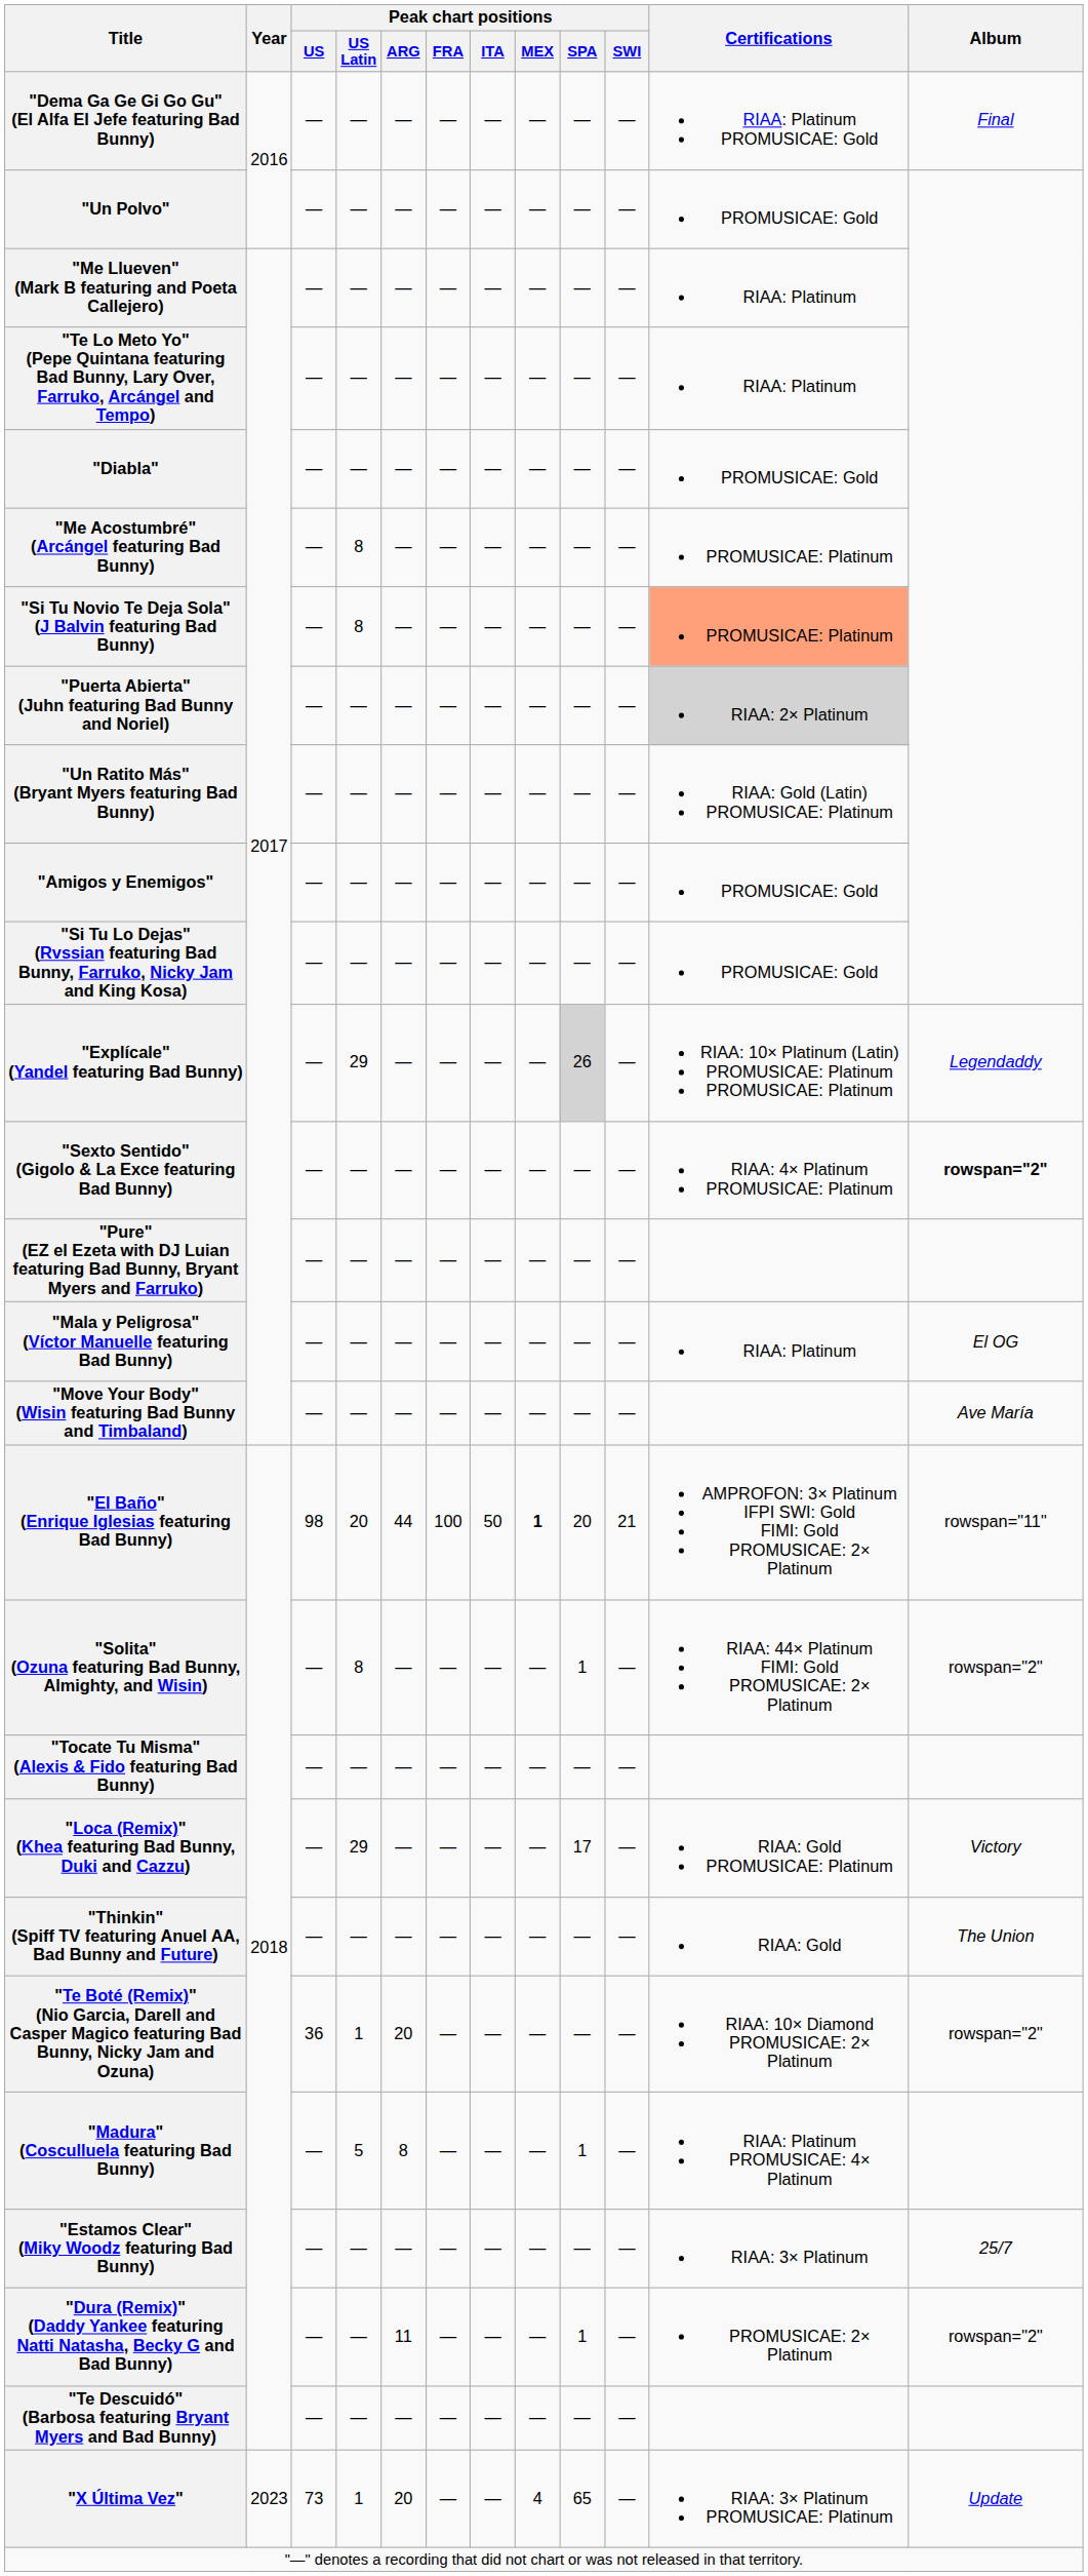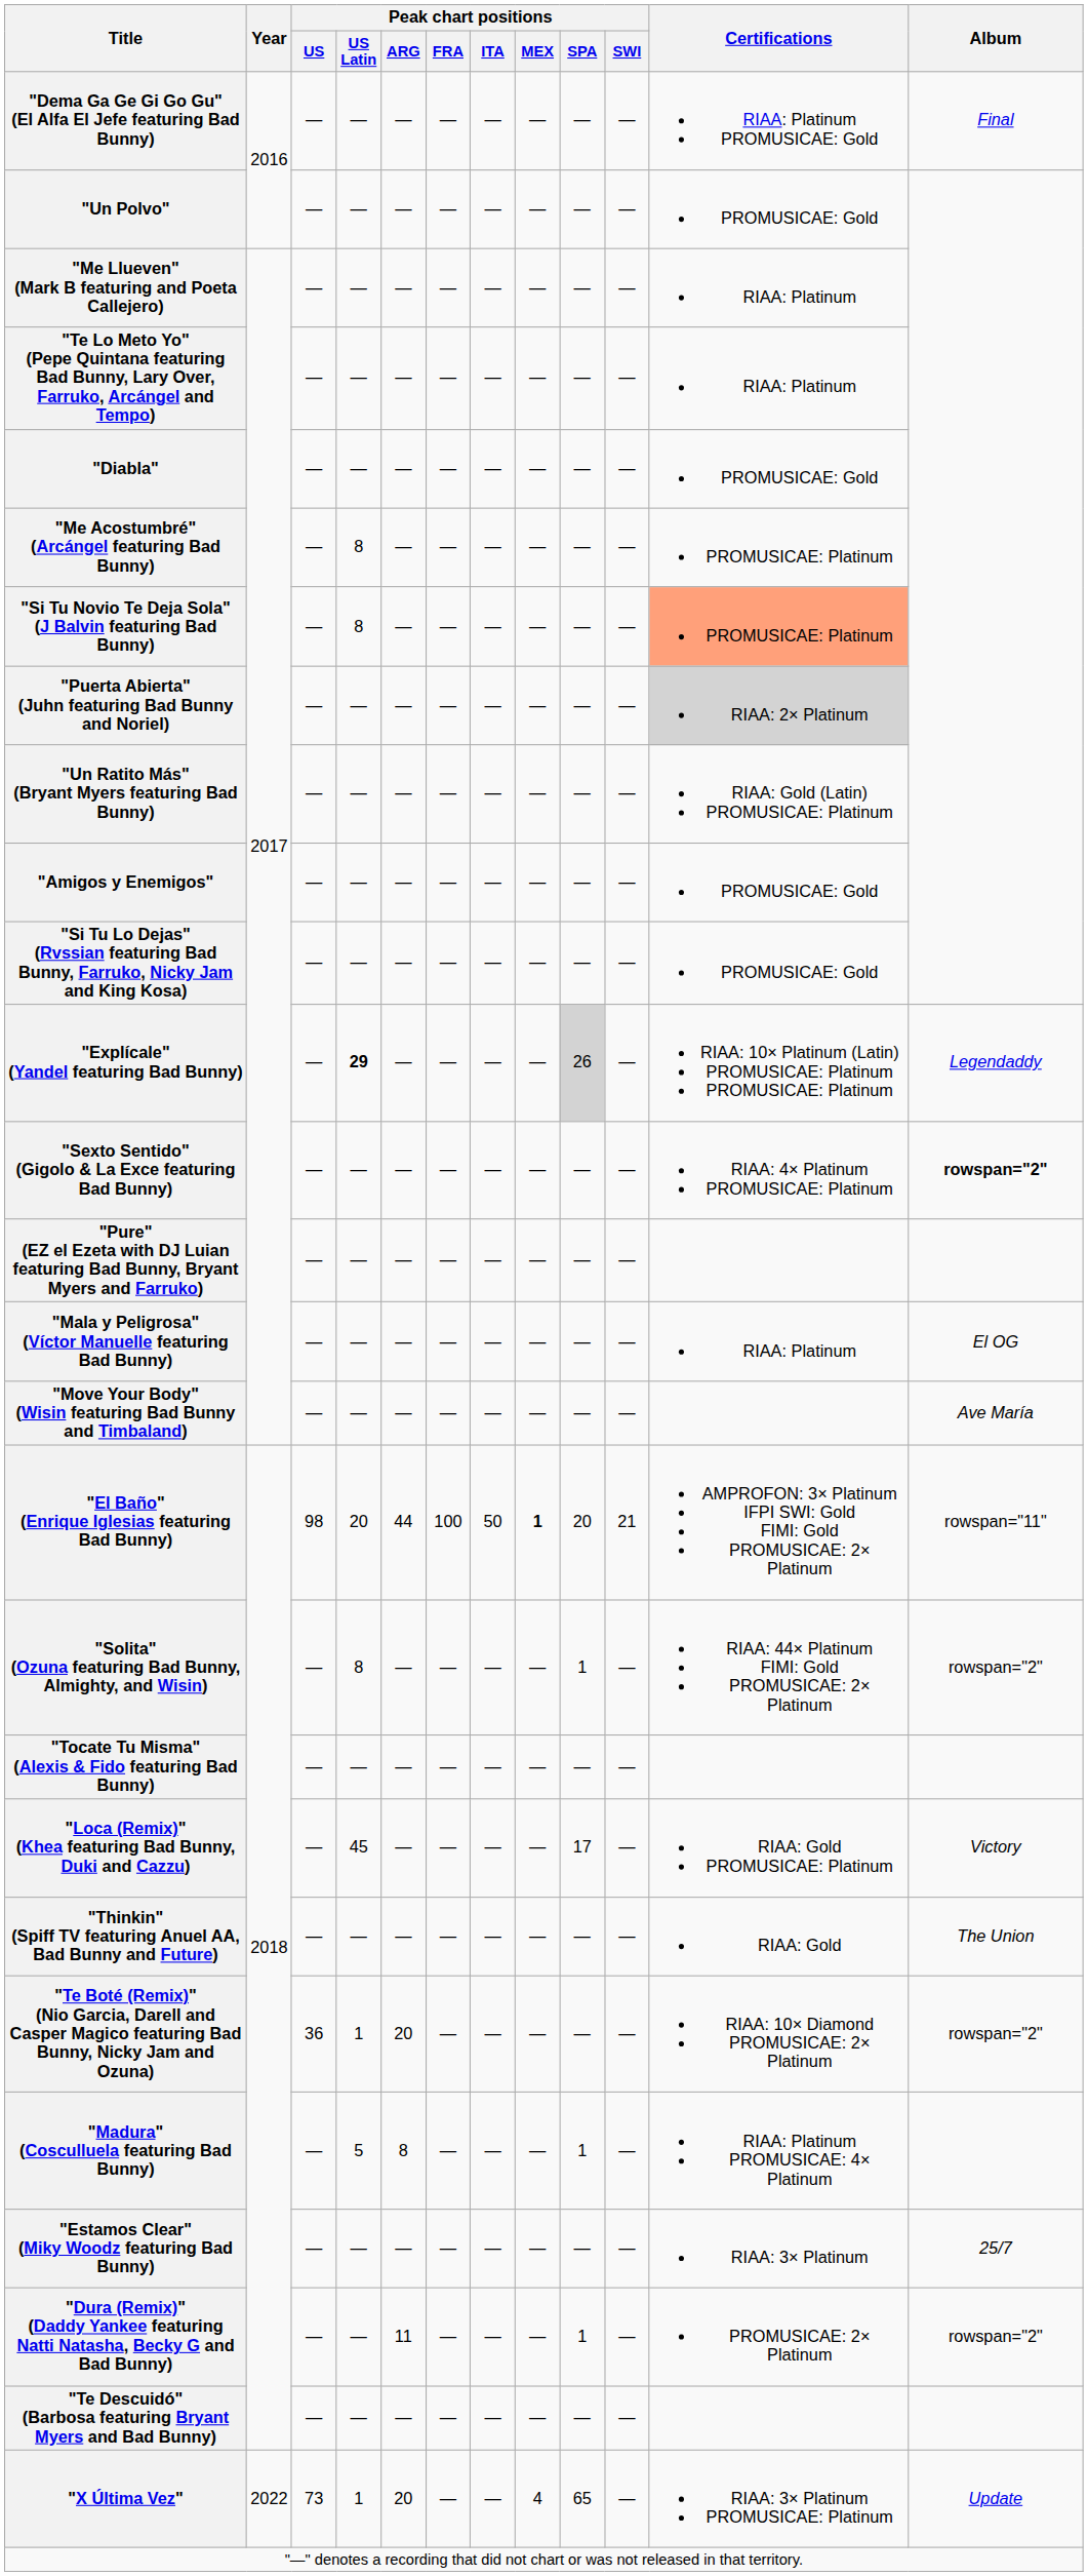 <table class="wikitable plainrowheaders" style="text-align:center;">
 <tr>
 <th scope="col" rowspan="2" style="width:14em;">Title</th>
 <th scope="col" rowspan="2" style="width:1em;">Year</th>
 <th scope="col" colspan="8">Peak chart positions</th>
 <th scope="col" rowspan="2" style="width:15em;"><a href='#'>Certifications</a></th>
 <th scope="col" rowspan="2" style="width:10em;">Album</th>
 </tr>
 <tr>
 <th scope="col" style="width:2.5em;font-size:90%;"><a href='#'>US</a><br></th>
 <th scope="col" style="width:2.5em;font-size:90%;"><a href='#'>US<br>Latin</a><br></th>
 <th scope="col" style="width:2.5em;font-size:90%;"><a href='#'>ARG</a><br></th>
 <th scope="col" style="width:2.5em;font-size:90%;"><a href='#'>FRA</a><br></th>
 <th scope="col" style="width:2.5em;font-size:90%;"><a href='#'>ITA</a><br></th>
 <th scope="col" style="width:2.5em;font-size:90%;"><a href='#'>MEX</a><br></th>
 <th scope="col" style="width:2.5em;font-size:90%;"><a href='#'>SPA</a><br></th>
 <th scope="col" style="width:2.5em;font-size:90%;"><a href='#'>SWI</a><br></th>
 </tr>
 <tr>
 <th scope="row">"Dema Ga Ge Gi Go Gu"<br><span>(El Alfa El Jefe featuring Bad Bunny)</span></th>
 <td rowspan="2">2016</td>
 <td>—</td>
 <td>—</td>
 <td>—</td>
 <td>—</td>
 <td>—</td>
 <td>—</td>
 <td>—</td>
 <td>—</td>
 <td><br><ul><li><a href='#'>RIAA</a>: Platinum </li><li>PROMUSICAE: Gold</li></ul></td>
 <td><em><a href='#'>Final</a></em></td>
 </tr>
 <tr>
 <th scope="row">"Un Polvo"<br></th>
 <td>—</td>
 <td>—</td>
 <td>—</td>
 <td>—</td>
 <td>—</td>
 <td>—</td>
 <td>—</td>
 <td>—</td>
 <td><br><ul><li>PROMUSICAE: Gold</li></ul></td>
 </tr>
 <tr>
 <th scope="row">"Me Llueven"<br><span>(Mark B featuring and Poeta Callejero)</span></th>
 <td rowspan="14">2017</td>
 <td>—</td>
 <td>—</td>
 <td>—</td>
 <td>—</td>
 <td>—</td>
 <td>—</td>
 <td>—</td>
 <td>—</td>
 <td><br><ul><li>RIAA: Platinum </li></ul></td>
 </tr>
 <tr>
 <th scope="row">"Te Lo Meto Yo"<br><span>(Pepe Quintana featuring Bad Bunny, Lary Over, <a href='#'>Farruko</a>, <a href='#'>Arcángel</a> and <a href='#'>Tempo</a>)</span></th>
 <td>—</td>
 <td>—</td>
 <td>—</td>
 <td>—</td>
 <td>—</td>
 <td>—</td>
 <td>—</td>
 <td>—</td>
 <td><br><ul><li>RIAA: Platinum </li></ul></td>
 </tr>
 <tr>
 <th scope="row">"Diabla"<br></th>
 <td>—</td>
 <td>—</td>
 <td>—</td>
 <td>—</td>
 <td>—</td>
 <td>—</td>
 <td>—</td>
 <td>—</td>
 <td><br><ul><li>PROMUSICAE: Gold</li></ul></td>
 </tr>
 <tr>
 <th scope="row">"Me Acostumbré"<br><span>(<a href='#'>Arcángel</a> featuring Bad Bunny)</span></th>
 <td>—</td>
 <td>8</td>
 <td>—</td>
 <td>—</td>
 <td>—</td>
 <td>—</td>
 <td>—</td>
 <td>—</td>
 <td><br><ul><li>PROMUSICAE: Platinum</li></ul></td>
 </tr>
 <tr>
 <th scope="row">"Si Tu Novio Te Deja Sola"<br><span>(<a href='#'>J Balvin</a> featuring Bad Bunny)</span></th>
 <td>—</td>
 <td>8</td>
 <td>—</td>
 <td>—</td>
 <td>—</td>
 <td>—</td>
 <td>—</td>
 <td>—</td>
 <td style="background: lightsalmon;"><br><ul><li>PROMUSICAE: Platinum</li></ul></td>
 </tr>
 <tr>
 <th scope="row">"Puerta Abierta"<br><span>(Juhn featuring Bad Bunny and Noriel)</span></th>
 <td>—</td>
 <td>—</td>
 <td>—</td>
 <td>—</td>
 <td>—</td>
 <td>—</td>
 <td>—</td>
 <td>—</td>
 <td style="background: lightgrey;"><br><ul><li>RIAA: 2× Platinum </li></ul></td>
 </tr>
 <tr>
 <th scope="row">"Un Ratito Más"<br><span>(Bryant Myers featuring Bad Bunny)</span></th>
 <td>—</td>
 <td>—</td>
 <td>—</td>
 <td>—</td>
 <td>—</td>
 <td>—</td>
 <td>—</td>
 <td>—</td>
 <td><br><ul><li>RIAA: Gold (Latin)</li><li>PROMUSICAE: Platinum</li></ul></td>
 </tr>
 <tr>
 <th scope="row">"Amigos y Enemigos"<br></th>
 <td>—</td>
 <td>—</td>
 <td>—</td>
 <td>—</td>
 <td>—</td>
 <td>—</td>
 <td>—</td>
 <td>—</td>
 <td><br><ul><li>PROMUSICAE: Gold</li></ul></td>
 </tr>
 <tr>
 <th scope="row">"Si Tu Lo Dejas"<br><span>(<a href='#'>Rvssian</a> featuring Bad Bunny, <a href='#'>Farruko</a>, <a href='#'>Nicky Jam</a> and King Kosa)</span></th>
 <td>—</td>
 <td>—</td>
 <td>—</td>
 <td>—</td>
 <td>—</td>
 <td>—</td>
 <td>—</td>
 <td>—</td>
 <td><br><ul><li>PROMUSICAE: Gold</li></ul></td>
 </tr>
 <tr>
 <th scope="row">"Explícale"<br><span>(<a href='#'>Yandel</a> featuring Bad Bunny)</span></th>
 <td>—</td>
-<td>29</td>
+<td><strong>29</strong></td>
 <td>—</td>
 <td>—</td>
 <td>—</td>
 <td>—</td>
 <td style="background: lightgrey;">26</td>
 <td>—</td>
 <td><br><ul><li>RIAA: 10× Platinum (Latin)</li><li>PROMUSICAE: Platinum</li><li>PROMUSICAE: Platinum </li></ul></td>
 <td><em><a href='#'>Legendaddy</a></em></td>
 </tr>
 <tr>
 <th scope="row">"Sexto Sentido"<br><span>(Gigolo & La Exce featuring Bad Bunny)</span></th>
 <td>—</td>
 <td>—</td>
 <td>—</td>
 <td>—</td>
 <td>—</td>
 <td>—</td>
 <td>—</td>
 <td>—</td>
 <td><br><ul><li>RIAA: 4× Platinum </li><li>PROMUSICAE: Platinum</li></ul></td>
 <td><strong>rowspan="2" </strong></td>
 </tr>
 <tr>
 <th scope="row">"Pure"<br><span>(EZ el Ezeta with DJ Luian featuring Bad Bunny, Bryant Myers and <a href='#'>Farruko</a>)</span></th>
 <td>—</td>
 <td>—</td>
 <td>—</td>
 <td>—</td>
 <td>—</td>
 <td>—</td>
 <td>—</td>
 <td>—</td>
 <td></td>
 </tr>
 <tr>
 <th scope="row">"Mala y Peligrosa"<br><span>(<a href='#'>Víctor Manuelle</a> featuring Bad Bunny)</span></th>
 <td>—</td>
 <td>—</td>
 <td>—</td>
 <td>—</td>
 <td>—</td>
 <td>—</td>
 <td>—</td>
 <td>—</td>
 <td><br><ul><li>RIAA: Platinum </li></ul></td>
 <td><em>El OG</em></td>
 </tr>
 <tr>
 <th scope="row">"Move Your Body"<br><span>(<a href='#'>Wisin</a> featuring Bad Bunny and <a href='#'>Timbaland</a>)</span></th>
 <td>—</td>
 <td>—</td>
 <td>—</td>
 <td>—</td>
 <td>—</td>
 <td>—</td>
 <td>—</td>
 <td>—</td>
 <td></td>
 <td><em>Ave María</em></td>
 </tr>
 <tr>
 <th scope="row">"<a href='#'>El Baño</a>"<br><span>(<a href='#'>Enrique Iglesias</a> featuring Bad Bunny)</span></th>
 <td rowspan="10">2018</td>
 <td>98</td>
 <td>20</td>
 <td>44</td>
 <td>100</td>
 <td>50</td>
 <td><strong>1</strong></td>
 <td>20</td>
 <td>21</td>
 <td><br><ul><li>AMPROFON: 3× Platinum</li><li>IFPI SWI: Gold</li><li>FIMI: Gold</li><li>PROMUSICAE: 2× Platinum</li></ul></td>
 <td>rowspan="11" </td>
 </tr>
 <tr>
 <th scope="row">"Solita"<br><span>(<a href='#'>Ozuna</a> featuring Bad Bunny, Almighty, and <a href='#'>Wisin</a>)</span></th>
 <td>—</td>
 <td>8</td>
 <td>—</td>
 <td>—</td>
 <td>—</td>
 <td>—</td>
 <td>1</td>
 <td>—</td>
 <td><br><ul><li>RIAA: 44× Platinum </li><li>FIMI: Gold</li><li>PROMUSICAE: 2× Platinum</li></ul></td>
 <td>rowspan="2" </td>
 </tr>
 <tr>
 <th scope="row">"Tocate Tu Misma"<br><span>(<a href='#'>Alexis & Fido</a> featuring Bad Bunny)</span></th>
 <td>—</td>
 <td>—</td>
 <td>—</td>
 <td>—</td>
 <td>—</td>
 <td>—</td>
 <td>—</td>
 <td>—</td>
 <td></td>
 </tr>
 <tr>
 <th scope="row">"<a href='#'>Loca (Remix)</a>"<br><span>(<a href='#'>Khea</a> featuring Bad Bunny, <a href='#'>Duki</a> and <a href='#'>Cazzu</a>)</span></th>
 <td>—</td>
-<td>29</td>
+<td>45</td>
 <td>—</td>
 <td>—</td>
 <td>—</td>
 <td>—</td>
 <td>17</td>
 <td>—</td>
 <td><br><ul><li>RIAA: Gold </li><li>PROMUSICAE: Platinum</li></ul></td>
 <td><em>Victory</em></td>
 </tr>
 <tr>
 <th scope="row">"Thinkin"<br><span>(Spiff TV featuring Anuel AA, Bad Bunny and <a href='#'>Future</a>)</span></th>
 <td>—</td>
 <td>—</td>
 <td>—</td>
 <td>—</td>
 <td>—</td>
 <td>—</td>
 <td>—</td>
 <td>—</td>
 <td><br><ul><li>RIAA: Gold </li></ul></td>
 <td><em>The Union</em></td>
 </tr>
 <tr>
 <th scope="row">"<a href='#'>Te Boté (Remix)</a>"<br><span>(Nio Garcia, Darell and Casper Magico featuring Bad Bunny, Nicky Jam and Ozuna)</span></th>
 <td>36</td>
 <td>1</td>
 <td>20</td>
 <td>—</td>
 <td>—</td>
 <td>—</td>
 <td>—</td>
 <td>—</td>
 <td><br><ul><li>RIAA: 10× Diamond </li><li>PROMUSICAE: 2× Platinum</li></ul></td>
 <td>rowspan="2" </td>
 </tr>
 <tr>
 <th scope="row">"<a href='#'>Madura</a>"<br><span>(<a href='#'>Cosculluela</a> featuring Bad Bunny)</span></th>
 <td>—</td>
 <td>5</td>
 <td>8</td>
 <td>—</td>
 <td>—</td>
 <td>—</td>
 <td>1</td>
 <td>—</td>
 <td><br><ul><li>RIAA: Platinum </li><li>PROMUSICAE: 4× Platinum</li></ul></td>
 </tr>
 <tr>
 <th scope="row">"Estamos Clear"<br><span>(<a href='#'>Miky Woodz</a> featuring Bad Bunny)</span></th>
 <td>—</td>
 <td>—</td>
 <td>—</td>
 <td>—</td>
 <td>—</td>
 <td>—</td>
 <td>—</td>
 <td>—</td>
 <td><br><ul><li>RIAA: 3× Platinum </li></ul></td>
 <td><em>25/7</em></td>
 </tr>
 <tr>
 <th scope="row">"<a href='#'>Dura (Remix)</a>"<br><span>(<a href='#'>Daddy Yankee</a> featuring <a href='#'>Natti Natasha</a>, <a href='#'>Becky G</a> and Bad Bunny)</span></th>
 <td>—</td>
 <td>—</td>
 <td>11</td>
 <td>—</td>
 <td>—</td>
 <td>—</td>
 <td>1</td>
 <td>—</td>
 <td><br><ul><li>PROMUSICAE: 2× Platinum</li></ul></td>
 <td>rowspan="2" </td>
 </tr>
 <tr>
 <th scope="row">"Te Descuidó"<br><span>(Barbosa featuring <a href='#'>Bryant Myers</a> and Bad Bunny)</span></th>
 <td>—</td>
 <td>—</td>
 <td>—</td>
 <td>—</td>
 <td>—</td>
 <td>—</td>
 <td>—</td>
 <td>—</td>
 <td></td>
 </tr>
 <tr>
 <th scope="row">"<a href='#'>X Última Vez</a>"<br></th>
-<td>2023</td>
+<td>2022</td>
 <td>73</td>
 <td>1</td>
 <td>20</td>
 <td>—</td>
 <td>—</td>
 <td>4</td>
 <td>65</td>
 <td>—</td>
 <td><br><ul><li>RIAA: 3× Platinum </li><li>PROMUSICAE: Platinum</li></ul></td>
 <td><em><a href='#'>Update</a></em></td>
 </tr>
 <tr>
 <td colspan="14" style="font-size:90%">"—" denotes a recording that did not chart or was not released in that territory.</td>
 </tr>
 </table>
